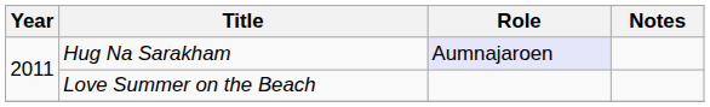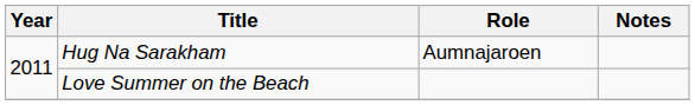 <table class="wikitable" style="width:550px">
 <tr>
 <th width=10>Year</th>
 <th>Title</th>
 <th>Role</th>
 <th>Notes</th>
 </tr>
 <tr>
 <td rowspan=2>2011</td>
 <td><em>Hug Na Sarakham</em></td>
-<td style="background: lavender;">Aumnajaroen</td>
+<td>Aumnajaroen</td>
 <td></td>
 </tr>
 <tr>
 <td><em>Love Summer on the Beach</em></td>
 <td></td>
 <td></td>
 </tr>
 <tr>
 </tr>
 </table>
